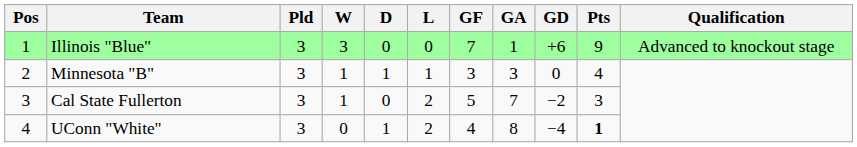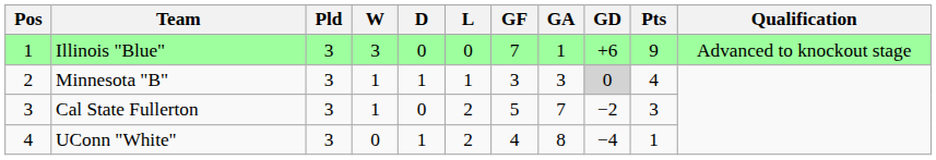 <table class="wikitable" style="text-align:center; margin: 1em auto">
 <tr>
 <th style="width:2em">Pos</th>
 <th style="width:13em">Team</th>
 <th style="width:2em">Pld</th>
 <th style="width:2em">W</th>
 <th style="width:2em">D</th>
 <th style="width:2em">L</th>
 <th style="width:2em">GF</th>
 <th style="width:2em">GA</th>
 <th style="width:2em">GD</th>
 <th style="width:2em">Pts</th>
 <th style="width:13em">Qualification</th>
 </tr>
 <tr bgcolor="#9eff9e">
 <td>1</td>
 <td style="text-align:left">Illinois "Blue"</td>
 <td>3</td>
 <td>3</td>
 <td>0</td>
 <td>0</td>
 <td>7</td>
 <td>1</td>
 <td>+6</td>
 <td>9</td>
 <td>Advanced to knockout stage</td>
 </tr>
 <tr>
 <td>2</td>
 <td style="text-align:left">Minnesota "B"</td>
 <td>3</td>
 <td>1</td>
 <td>1</td>
 <td>1</td>
 <td>3</td>
 <td>3</td>
-<td>0</td>
+<td style="background: lightgrey;">0</td>
 <td>4</td>
 </tr>
 <tr>
 <td>3</td>
 <td style="text-align:left">Cal State Fullerton</td>
 <td>3</td>
 <td>1</td>
 <td>0</td>
 <td>2</td>
 <td>5</td>
 <td>7</td>
 <td>−2</td>
 <td>3</td>
 </tr>
 <tr>
 <td>4</td>
 <td style="text-align:left">UConn "White"</td>
 <td>3</td>
 <td>0</td>
 <td>1</td>
 <td>2</td>
 <td>4</td>
 <td>8</td>
 <td>−4</td>
-<td><strong>1</strong></td>
+<td>1</td>
 </tr>
 </table>
